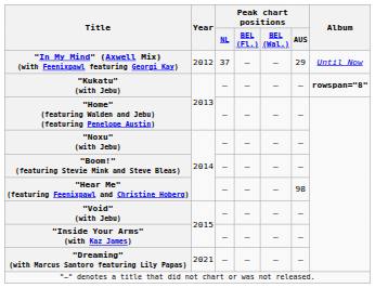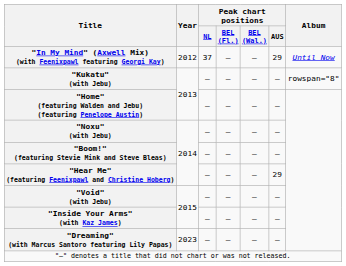 <table class="wikitable plainrowheaders" style="text-align:center;">
 <tr>
 <th scope="col" rowspan="2">Title</th>
 <th scope="col" rowspan="2">Year</th>
 <th scope="col" colspan="4">Peak chart positions</th>
 <th scope="col" rowspan="2">Album</th>
 </tr>
 <tr>
 <th scope="col" style="width:2em;font-size:89%;"><a href='#'>NL</a></th>
 <th scope="col" style="width:2em;font-size:89%;"><a href='#'>BEL (Fl.)</a></th>
 <th scope="col" style="width:2em;font-size:89%;"><a href='#'>BEL (Wal.)</a></th>
 <th scope="col" style="width:2em;font-size:89%;">AUS</th>
 </tr>
 <tr>
 <th scope="row">"<a href='#'>In My Mind</a>" (<a href='#'>Axwell</a> Mix)<br><small>(with <a href='#'>Feenixpawl</a> featuring <a href='#'>Georgi Kay</a>)</small></th>
 <td>2012</td>
 <td>37</td>
 <td>—</td>
 <td>—</td>
 <td>29</td>
 <td><em><a href='#'>Until Now</a></em></td>
 </tr>
 <tr>
 <th scope="row">"Kukatu"<br><small>(with Jebu)</small></th>
 <td rowspan="2">2013</td>
 <td>—</td>
 <td>—</td>
 <td>—</td>
 <td>—</td>
-<td><strong>rowspan="8" </strong></td>
+<td>rowspan="8" </td>
 </tr>
 <tr>
 <th scope="row">"Home"<br><small>(featuring Walden and Jebu)<br>(featuring <a href='#'>Penelope Austin</a>)</small></th>
 <td>—</td>
 <td>—</td>
 <td>—</td>
 <td>—</td>
 </tr>
 <tr>
 <th scope="row">"Noxu"<br><small>(with Jebu)</small></th>
 <td rowspan="3">2014</td>
 <td>—</td>
 <td>—</td>
 <td>—</td>
 <td>—</td>
 </tr>
 <tr>
 <th scope="row">"Boom!"<br><small>(featuring Stevie Mink and Steve Bleas)</small></th>
 <td>—</td>
 <td>—</td>
 <td>—</td>
 <td>—</td>
 </tr>
 <tr>
 <th scope="row">"Hear Me"<br><small>(featuring <a href='#'>Feenixpawl</a> and <a href='#'>Christine Hoberg</a>)</small></th>
 <td>—</td>
 <td>—</td>
 <td>—</td>
-<td>98</td>
+<td>29</td>
 </tr>
 <tr>
 <th scope="row">"Void"<br><small>(with Jebu)</small></th>
 <td rowspan="2">2015</td>
 <td>—</td>
 <td>—</td>
 <td>—</td>
 <td>—</td>
 </tr>
 <tr>
 <th scope="row">"Inside Your Arms"<br><small>(with <a href='#'>Kaz James</a>)</small></th>
 <td>—</td>
 <td>—</td>
 <td>—</td>
 <td>—</td>
 </tr>
 <tr>
 <th scope="row">"Dreaming" <br><small>(with Marcus Santoro featuring Lily Papas)</small></th>
-<td>2021</td>
+<td>2023</td>
 <td>—</td>
 <td>—</td>
 <td>—</td>
 <td>—</td>
 </tr>
 <tr>
 <td colspan="7" style="font-size:85%">"—" denotes a title that did not chart or was not released.</td>
 </tr>
 </table>
